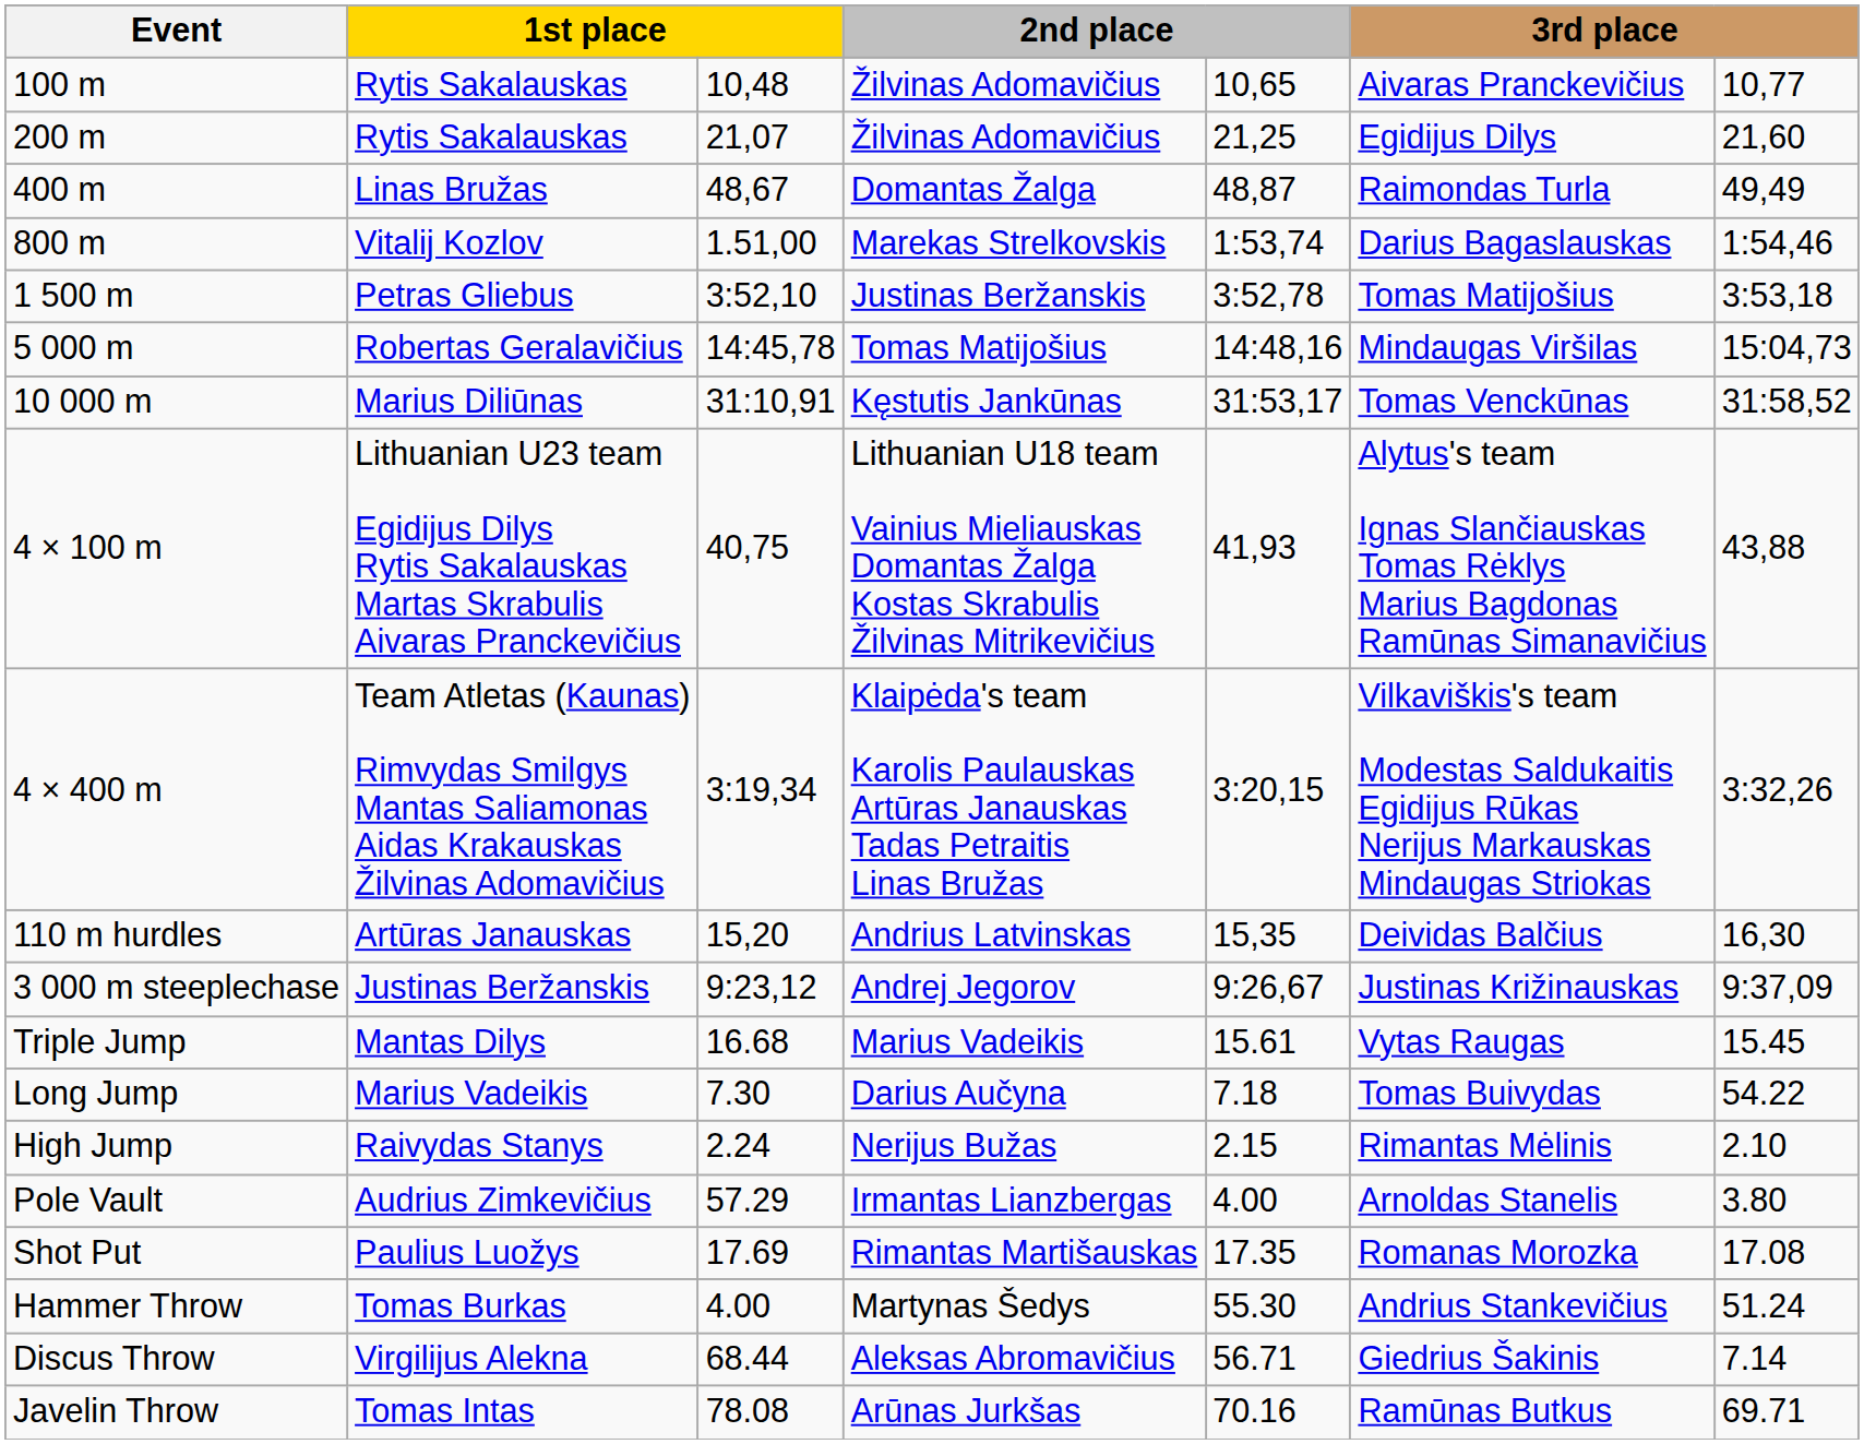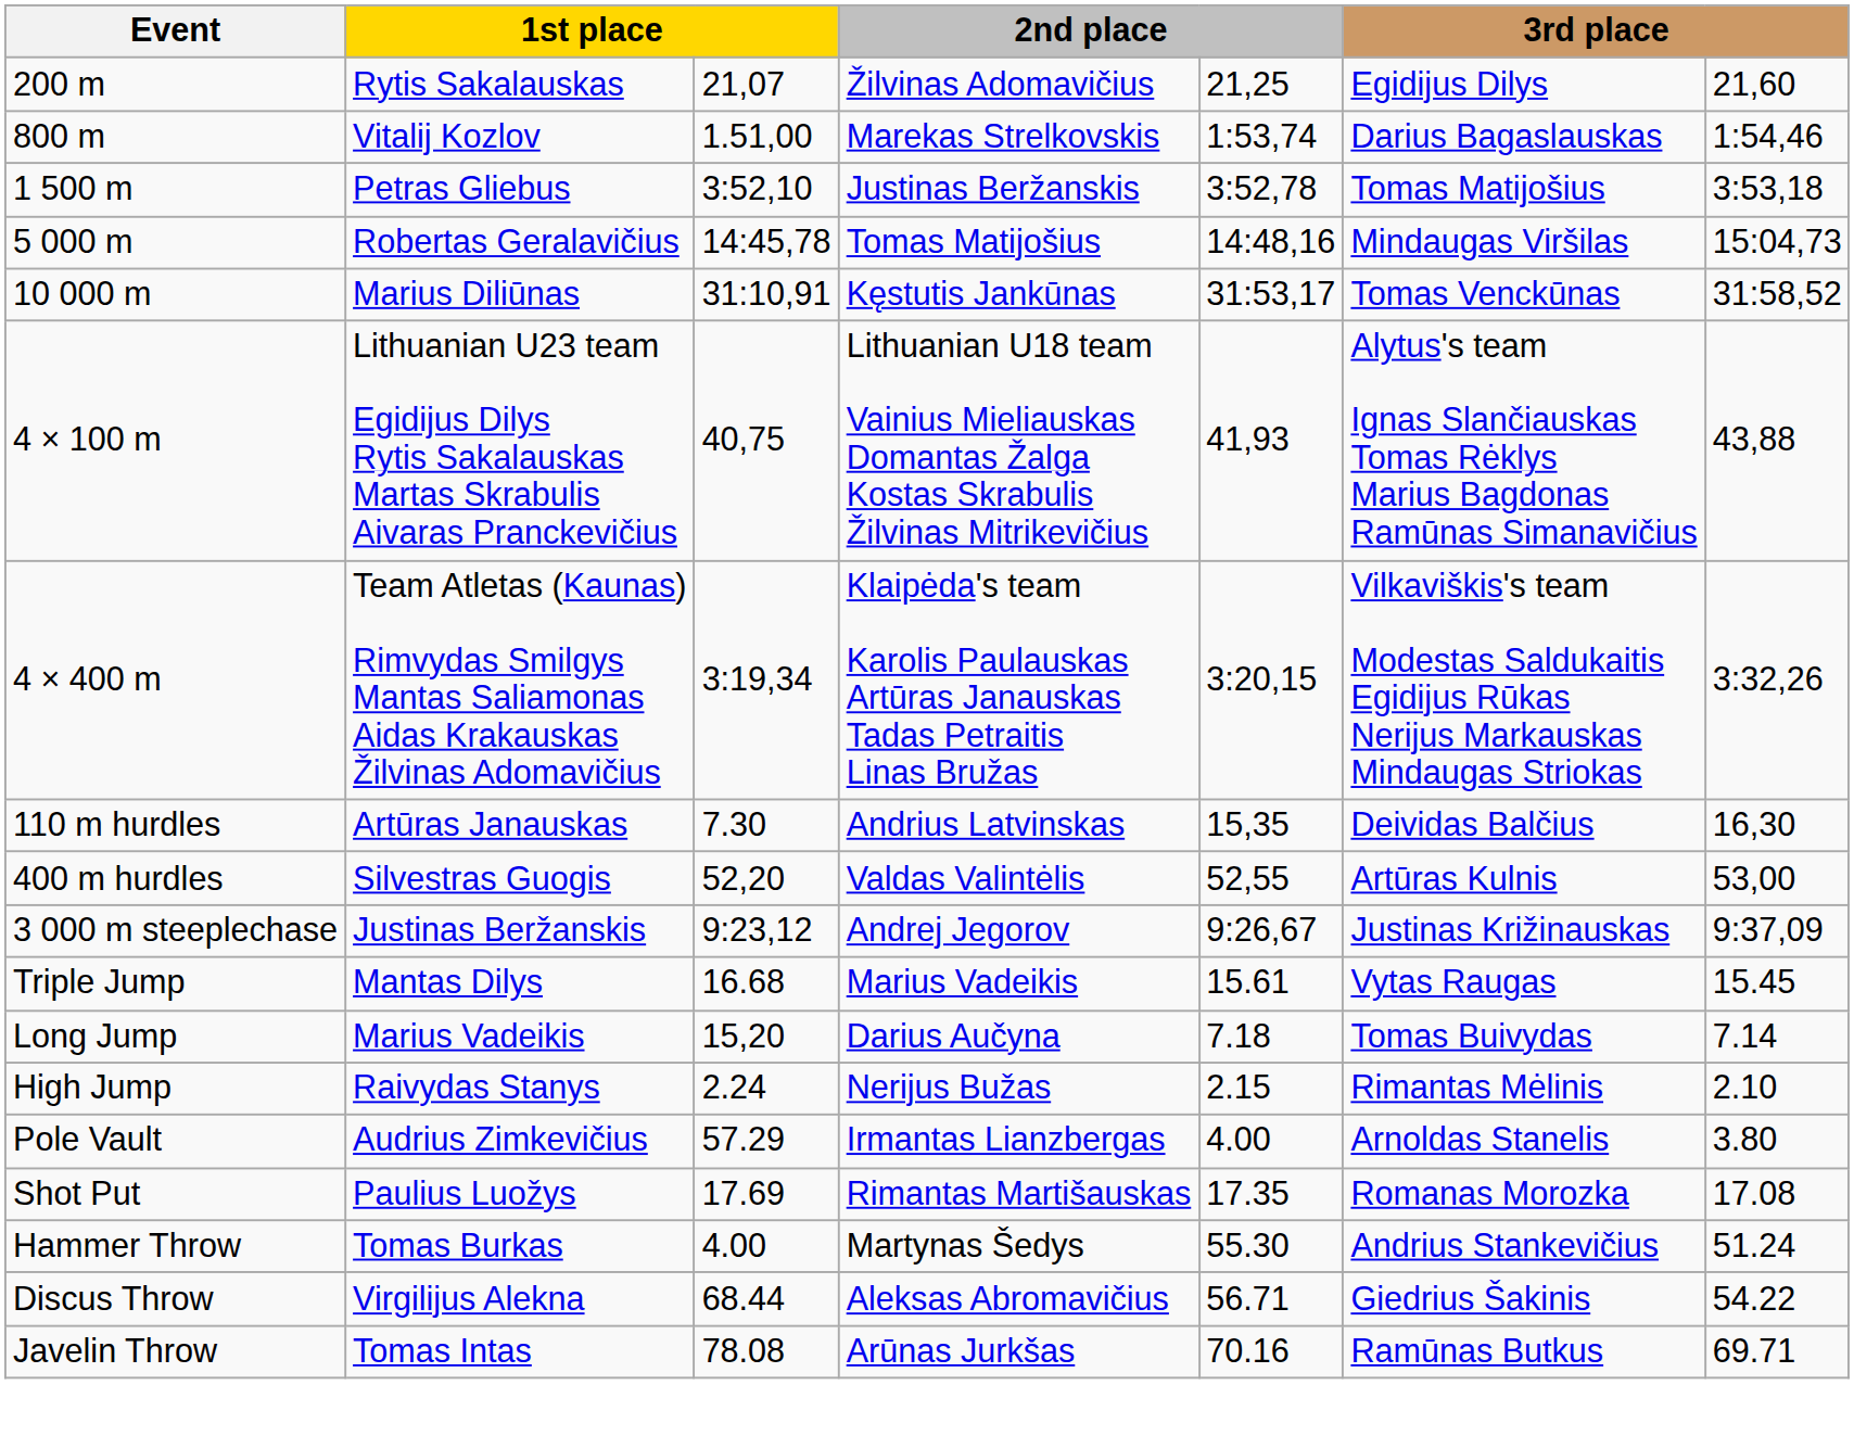 <table class="wikitable">
 <tr>
 <th>Event</th>
 <th style="background:gold;" colspan=2>1st place</th>
 <th style="background:silver;" colspan=2>2nd place</th>
 <th style="background:#CC9966;" colspan=2>3rd place</th>
-</tr>
-<tr>
-<td>100 m</td>
-<td><a href='#'>Rytis Sakalauskas</a></td>
-<td>10,48</td>
-<td><a href='#'>Žilvinas Adomavičius</a></td>
-<td>10,65</td>
-<td><a href='#'>Aivaras Pranckevičius</a></td>
-<td>10,77</td>
 </tr>
 <tr>
 <td>200 m</td>
 <td><a href='#'>Rytis Sakalauskas</a></td>
 <td>21,07</td>
 <td><a href='#'>Žilvinas Adomavičius</a></td>
 <td>21,25</td>
 <td><a href='#'>Egidijus Dilys</a></td>
 <td>21,60</td>
-</tr>
-<tr>
-<td>400 m</td>
-<td><a href='#'>Linas Bružas</a></td>
-<td>48,67</td>
-<td><a href='#'>Domantas Žalga</a></td>
-<td>48,87</td>
-<td><a href='#'>Raimondas Turla</a></td>
-<td>49,49</td>
 </tr>
 <tr>
 <td>800 m</td>
 <td><a href='#'>Vitalij Kozlov</a></td>
 <td>1.51,00</td>
 <td><a href='#'>Marekas Strelkovskis</a></td>
 <td>1:53,74</td>
 <td><a href='#'>Darius Bagaslauskas</a></td>
 <td>1:54,46</td>
 </tr>
 <tr>
 <td>1 500 m</td>
 <td><a href='#'>Petras Gliebus</a></td>
 <td>3:52,10</td>
 <td><a href='#'>Justinas Beržanskis</a></td>
 <td>3:52,78</td>
 <td><a href='#'>Tomas Matijošius</a></td>
 <td>3:53,18</td>
 </tr>
 <tr>
 <td>5 000 m</td>
 <td><a href='#'>Robertas Geralavičius</a></td>
 <td>14:45,78</td>
 <td><a href='#'>Tomas Matijošius</a></td>
 <td>14:48,16</td>
 <td><a href='#'>Mindaugas Viršilas</a></td>
 <td>15:04,73</td>
 </tr>
 <tr>
 <td>10 000 m</td>
 <td><a href='#'>Marius Diliūnas</a></td>
 <td>31:10,91</td>
 <td><a href='#'>Kęstutis Jankūnas</a></td>
 <td>31:53,17</td>
 <td><a href='#'>Tomas Venckūnas</a></td>
 <td>31:58,52</td>
 </tr>
 <tr>
 <td>4 × 100 m</td>
 <td>Lithuanian U23 team<br><br><a href='#'>Egidijus Dilys</a> <br> <a href='#'>Rytis Sakalauskas</a> <br> <a href='#'>Martas Skrabulis</a> <br> <a href='#'>Aivaras Pranckevičius</a> <br></td>
 <td>40,75</td>
 <td>Lithuanian U18 team <br><br><a href='#'>Vainius Mieliauskas</a> <br> <a href='#'>Domantas Žalga</a> <br> <a href='#'>Kostas Skrabulis</a> <br> <a href='#'>Žilvinas Mitrikevičius</a> <br></td>
 <td>41,93</td>
 <td><a href='#'>Alytus</a>'s team <br><br><a href='#'>Ignas Slančiauskas</a> <br> <a href='#'>Tomas Rėklys</a> <br> <a href='#'>Marius Bagdonas</a> <br> <a href='#'>Ramūnas Simanavičius</a></td>
 <td>43,88</td>
 </tr>
 <tr>
 <td>4 × 400 m</td>
 <td>Team Atletas (<a href='#'>Kaunas</a>)<br><br><a href='#'>Rimvydas Smilgys</a><br> <a href='#'>Mantas Saliamonas</a><br> <a href='#'>Aidas Krakauskas</a><br> <a href='#'>Žilvinas Adomavičius</a><br></td>
 <td>3:19,34</td>
 <td><a href='#'>Klaipėda</a>'s team<br><br><a href='#'>Karolis Paulauskas</a><br> <a href='#'>Artūras Janauskas</a><br> <a href='#'>Tadas Petraitis</a><br> <a href='#'>Linas Bružas</a><br></td>
 <td>3:20,15</td>
 <td><a href='#'>Vilkaviškis</a>'s team<br><br><a href='#'>Modestas Saldukaitis</a><br> <a href='#'>Egidijus Rūkas</a><br> <a href='#'>Nerijus Markauskas</a><br> <a href='#'>Mindaugas Striokas</a><br></td>
 <td>3:32,26</td>
 </tr>
 <tr>
 <td>110 m hurdles</td>
 <td><a href='#'>Artūras Janauskas</a></td>
-<td>15,20</td>
+<td>7.30</td>
 <td><a href='#'>Andrius Latvinskas</a></td>
 <td>15,35</td>
 <td><a href='#'>Deividas Balčius</a></td>
 <td>16,30</td>
+</tr>
+<tr>
+<td>400 m hurdles</td>
+<td><a href='#'>Silvestras Guogis</a></td>
+<td>52,20</td>
+<td><a href='#'>Valdas Valintėlis</a></td>
+<td>52,55</td>
+<td><a href='#'>Artūras Kulnis</a></td>
+<td>53,00</td>
 </tr>
 <tr>
 <td>3 000 m steeplechase</td>
 <td><a href='#'>Justinas Beržanskis</a></td>
 <td>9:23,12</td>
 <td><a href='#'>Andrej Jegorov</a></td>
 <td>9:26,67</td>
 <td><a href='#'>Justinas Križinauskas</a></td>
 <td>9:37,09</td>
 </tr>
 <tr>
 <td>Triple Jump</td>
 <td><a href='#'>Mantas Dilys</a></td>
 <td>16.68</td>
 <td><a href='#'>Marius Vadeikis</a></td>
 <td>15.61</td>
 <td><a href='#'>Vytas Raugas</a></td>
 <td>15.45</td>
 </tr>
 <tr>
 <td>Long Jump</td>
 <td><a href='#'>Marius Vadeikis</a></td>
-<td>7.30</td>
+<td>15,20</td>
 <td><a href='#'>Darius Aučyna</a></td>
 <td>7.18</td>
 <td><a href='#'>Tomas Buivydas</a></td>
-<td>54.22</td>
+<td>7.14</td>
 </tr>
 <tr>
 <td>High Jump</td>
 <td><a href='#'>Raivydas Stanys</a></td>
 <td>2.24</td>
 <td><a href='#'>Nerijus Bužas</a></td>
 <td>2.15</td>
 <td><a href='#'>Rimantas Mėlinis</a></td>
 <td>2.10</td>
 </tr>
 <tr>
 <td>Pole Vault</td>
 <td><a href='#'>Audrius Zimkevičius</a></td>
 <td>57.29</td>
 <td><a href='#'>Irmantas Lianzbergas</a></td>
 <td>4.00</td>
 <td><a href='#'>Arnoldas Stanelis</a></td>
 <td>3.80</td>
 </tr>
 <tr>
 <td>Shot Put</td>
 <td><a href='#'>Paulius Luožys</a></td>
 <td>17.69</td>
 <td><a href='#'>Rimantas Martišauskas</a></td>
 <td>17.35</td>
 <td><a href='#'>Romanas Morozka</a></td>
 <td>17.08</td>
 </tr>
 <tr>
 <td>Hammer Throw</td>
 <td><a href='#'>Tomas Burkas</a></td>
 <td>4.00</td>
 <td>Martynas Šedys</td>
 <td>55.30</td>
 <td><a href='#'>Andrius Stankevičius</a></td>
 <td>51.24</td>
 </tr>
 <tr>
 <td>Discus Throw</td>
 <td><a href='#'>Virgilijus Alekna</a></td>
 <td>68.44</td>
 <td><a href='#'>Aleksas Abromavičius</a></td>
 <td>56.71</td>
 <td><a href='#'>Giedrius Šakinis</a></td>
-<td>7.14</td>
+<td>54.22</td>
 </tr>
 <tr>
 <td>Javelin Throw</td>
 <td><a href='#'>Tomas Intas</a></td>
 <td>78.08</td>
 <td><a href='#'>Arūnas Jurkšas</a></td>
 <td>70.16</td>
 <td><a href='#'>Ramūnas Butkus</a></td>
 <td>69.71</td>
 </tr>
 </table>
